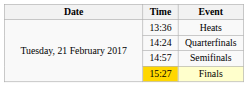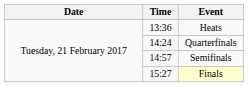 <table class = "wikitable" style="text-align:center;">
 <tr>
 <th width=220>Date</th>
 <th width=50>Time</th>
 <th width=100>Event</th>
 </tr>
 <tr>
 <td rowspan=4>Tuesday, 21 February 2017</td>
 <td>13:36</td>
 <td>Heats</td>
 </tr>
 <tr>
 <td>14:24</td>
 <td>Quarterfinals</td>
 </tr>
 <tr>
 <td>14:57</td>
 <td>Semifinals</td>
 </tr>
 <tr>
-<td style="background: gold;">15:27</td>
+<td>15:27</td>
 <td bgcolor=ffffcc>Finals</td>
 </tr>
 </table>
